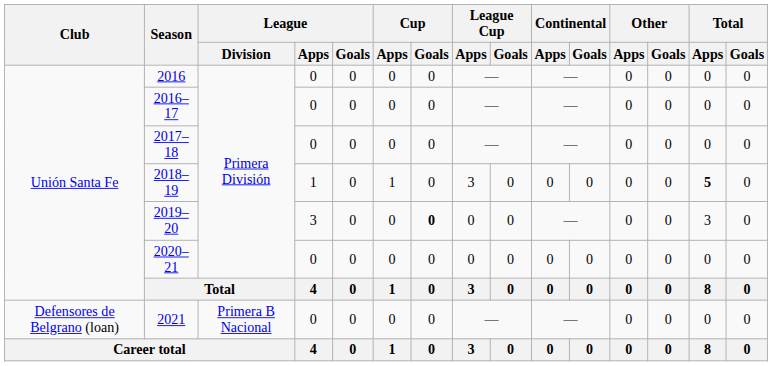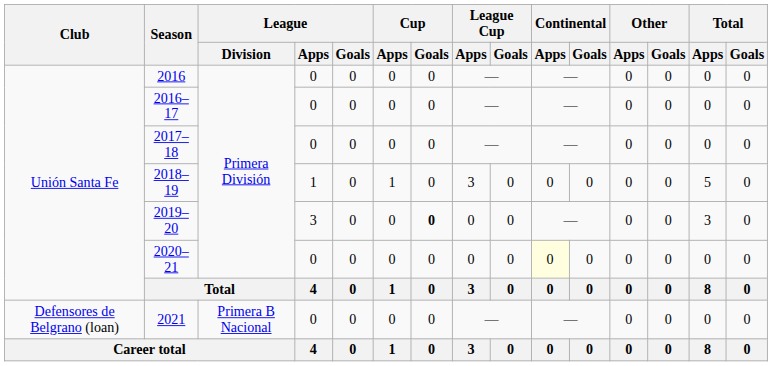 <table class="wikitable" style="text-align:center">
 <tr>
 <th rowspan="2">Club</th>
 <th rowspan="2">Season</th>
 <th colspan="3">League</th>
 <th colspan="2">Cup</th>
 <th colspan="2">League Cup</th>
 <th colspan="2">Continental</th>
 <th colspan="2">Other</th>
 <th colspan="2">Total</th>
 </tr>
 <tr>
 <th>Division</th>
 <th>Apps</th>
 <th>Goals</th>
 <th>Apps</th>
 <th>Goals</th>
 <th>Apps</th>
 <th>Goals</th>
 <th>Apps</th>
 <th>Goals</th>
 <th>Apps</th>
 <th>Goals</th>
 <th>Apps</th>
 <th>Goals</th>
 </tr>
 <tr>
 <td rowspan="7"><a href='#'>Unión Santa Fe</a></td>
 <td><a href='#'>2016</a></td>
 <td rowspan="6"><a href='#'>Primera División</a></td>
 <td>0</td>
 <td>0</td>
 <td>0</td>
 <td>0</td>
 <td colspan="2">—</td>
 <td colspan="2">—</td>
 <td>0</td>
 <td>0</td>
 <td>0</td>
 <td>0</td>
 </tr>
 <tr>
 <td><a href='#'>2016–17</a></td>
 <td>0</td>
 <td>0</td>
 <td>0</td>
 <td>0</td>
 <td colspan="2">—</td>
 <td colspan="2">—</td>
 <td>0</td>
 <td>0</td>
 <td>0</td>
 <td>0</td>
 </tr>
 <tr>
 <td><a href='#'>2017–18</a></td>
 <td>0</td>
 <td>0</td>
 <td>0</td>
 <td>0</td>
 <td colspan="2">—</td>
 <td colspan="2">—</td>
 <td>0</td>
 <td>0</td>
 <td>0</td>
 <td>0</td>
 </tr>
 <tr>
 <td><a href='#'>2018–19</a></td>
 <td>1</td>
 <td>0</td>
 <td>1</td>
 <td>0</td>
 <td>3</td>
 <td>0</td>
 <td>0</td>
 <td>0</td>
 <td>0</td>
 <td>0</td>
-<td><strong>5</strong></td>
+<td>5</td>
 <td>0</td>
 </tr>
 <tr>
 <td><a href='#'>2019–20</a></td>
 <td>3</td>
 <td>0</td>
 <td>0</td>
 <td><strong>0</strong></td>
 <td>0</td>
 <td>0</td>
 <td colspan="2">—</td>
 <td>0</td>
 <td>0</td>
 <td>3</td>
 <td>0</td>
 </tr>
 <tr>
 <td><a href='#'>2020–21</a></td>
 <td>0</td>
 <td>0</td>
 <td>0</td>
 <td>0</td>
 <td>0</td>
 <td>0</td>
-<td>0</td>
+<td style="background: lightyellow;">0</td>
 <td>0</td>
 <td>0</td>
 <td>0</td>
 <td>0</td>
 <td>0</td>
 </tr>
 <tr>
 <th colspan="2">Total</th>
 <th>4</th>
 <th>0</th>
 <th>1</th>
 <th>0</th>
 <th>3</th>
 <th>0</th>
 <th>0</th>
 <th>0</th>
 <th>0</th>
 <th>0</th>
 <th>8</th>
 <th>0</th>
 </tr>
 <tr>
 <td rowspan="1"><a href='#'>Defensores de Belgrano</a> (loan)</td>
 <td><a href='#'>2021</a></td>
 <td rowspan="1"><a href='#'>Primera B Nacional</a></td>
 <td>0</td>
 <td>0</td>
 <td>0</td>
 <td>0</td>
 <td colspan="2">—</td>
 <td colspan="2">—</td>
 <td>0</td>
 <td>0</td>
 <td>0</td>
 <td>0</td>
 </tr>
 <tr>
 <th colspan="3">Career total</th>
 <th>4</th>
 <th>0</th>
 <th>1</th>
 <th>0</th>
 <th>3</th>
 <th>0</th>
 <th>0</th>
 <th>0</th>
 <th>0</th>
 <th>0</th>
 <th>8</th>
 <th>0</th>
 </tr>
 </table>
